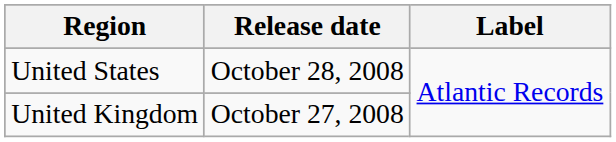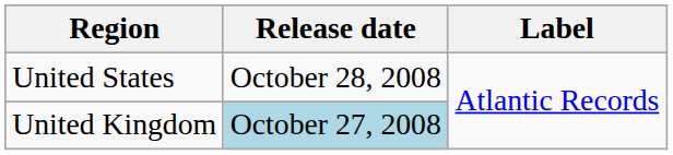 <table class="wikitable">
 <tr>
 <th>Region</th>
 <th>Release date</th>
 <th>Label</th>
 </tr>
 <tr>
 <td>United States</td>
 <td>October 28, 2008</td>
 <td rowspan=2><a href='#'>Atlantic Records</a></td>
 </tr>
 <tr>
 <td>United Kingdom</td>
-<td>October 27, 2008</td>
+<td style="background: lightblue;">October 27, 2008</td>
 </tr>
 </table>
